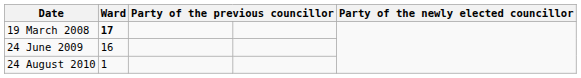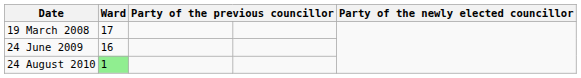 <table class="wikitable">
 <tr>
 <th>Date</th>
 <th>Ward</th>
 <th colspan=2>Party of the previous councillor</th>
 <th colspan=2>Party of the newly elected councillor</th>
 </tr>
 <tr>
 <td>19 March 2008</td>
-<td><strong>17</strong></td>
+<td>17</td>
 <td></td>
 <td></td>
 </tr>
 <tr>
 <td>24 June 2009</td>
 <td>16</td>
 <td></td>
 <td></td>
 </tr>
 <tr>
 <td>24 August 2010</td>
-<td>1</td>
+<td style="background: lightgreen;">1</td>
 <td></td>
 <td></td>
 </tr>
 </table>
